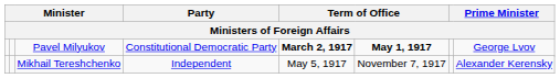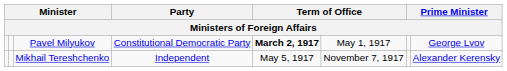 <table class="wikitable" style="text-align:center;">
 <tr>
 <th colspan=3>Minister</th>
 <th>Party</th>
 <th colspan=2>Term of Office</th>
 <th colspan=2><a href='#'>Prime Minister</a></th>
 </tr>
 <tr style="text-align:center;">
 <th colspan=8>Ministers of Foreign Affairs</th>
 </tr>
 <tr>
 <td style="background: "></td>
 <td></td>
 <td><a href='#'>Pavel Milyukov</a></td>
 <td><a href='#'>Constitutional Democratic Party</a></td>
 <td><strong>March 2, 1917</strong></td>
-<td><strong>May 1, 1917</strong></td>
+<td>May 1, 1917</td>
 <td rowspan="2" style="background: "></td>
 <td rowspan="2"><a href='#'>George Lvov</a></td>
 </tr>
 <tr>
 <td rowspan="2" style="background: "></td>
 <td rowspan="2"></td>
 <td rowspan="2"><a href='#'>Mikhail Tereshchenko</a></td>
 <td rowspan="2"><a href='#'>Independent</a></td>
 <td rowspan="2">May 5, 1917</td>
 <td rowspan="2">November 7, 1917</td>
 </tr>
 <tr>
 <td style="background: "></td>
 <td><a href='#'>Alexander Kerensky</a></td>
 </tr>
 </table>
